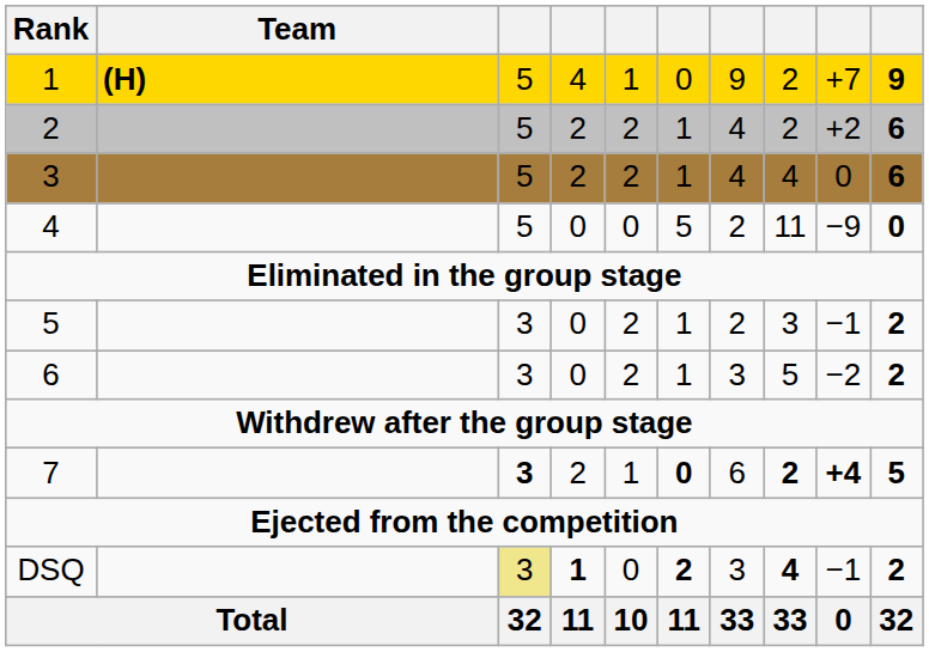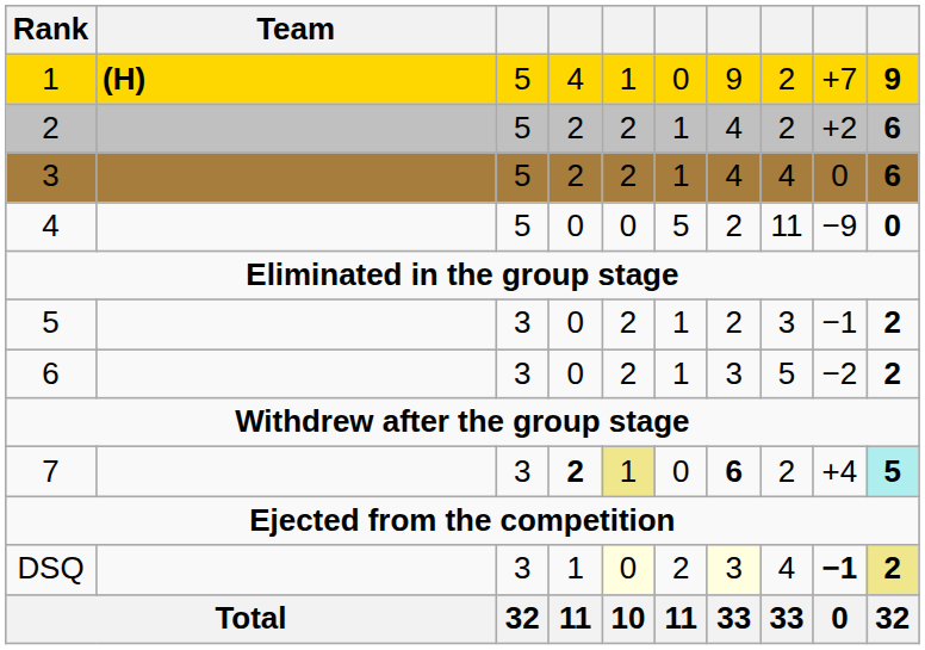 <table class="wikitable" style="text-align:center">
 <tr>
 <th width=20>Rank</th>
 <th width=200>Team</th>
 <th width="20"></th>
 <th width="20"></th>
 <th width="20"></th>
 <th width="20"></th>
 <th width="20"></th>
 <th width="20"></th>
 <th width="20"></th>
 <th width="20"></th>
 </tr>
 <tr style="background:gold;">
 <td>1</td>
 <td style="text-align:left;"> <strong>(H)</strong></td>
 <td>5</td>
 <td>4</td>
 <td>1</td>
 <td>0</td>
 <td>9</td>
 <td>2</td>
 <td>+7</td>
 <td><strong>9</strong></td>
 </tr>
 <tr style="background:silver;">
 <td>2</td>
 <td style="text-align:left;"></td>
 <td>5</td>
 <td>2</td>
 <td>2</td>
 <td>1</td>
 <td>4</td>
 <td>2</td>
 <td>+2</td>
 <td><strong>6</strong></td>
 </tr>
 <tr style="background:#a67d3d;">
 <td>3</td>
 <td style="text-align:left;"></td>
 <td>5</td>
 <td>2</td>
 <td>2</td>
 <td>1</td>
 <td>4</td>
 <td>4</td>
 <td>0</td>
 <td><strong>6</strong></td>
 </tr>
 <tr>
 <td>4</td>
 <td style="text-align:left;"></td>
 <td>5</td>
 <td>0</td>
 <td>0</td>
 <td>5</td>
 <td>2</td>
 <td>11</td>
 <td>−9</td>
 <td><strong>0</strong></td>
 </tr>
 <tr>
 <td colspan=14><strong>Eliminated in the group stage</strong></td>
 </tr>
 <tr>
 <td>5</td>
 <td style="text-align:left;"></td>
 <td>3</td>
 <td>0</td>
 <td>2</td>
 <td>1</td>
 <td>2</td>
 <td>3</td>
 <td>−1</td>
 <td><strong>2</strong></td>
 </tr>
 <tr>
 <td>6</td>
 <td style="text-align:left;"></td>
 <td>3</td>
 <td>0</td>
 <td>2</td>
 <td>1</td>
 <td>3</td>
 <td>5</td>
 <td>−2</td>
 <td><strong>2</strong></td>
 </tr>
 <tr>
 <td colspan=14><strong>Withdrew after the group stage</strong></td>
 </tr>
 <tr>
 <td>7</td>
 <td style="text-align:left;"></td>
-<td><strong>3</strong></td>
+<td>3</td>
+<td><strong>2</strong></td>
+<td style="background: khaki;">1</td>
+<td>0</td>
+<td><strong>6</strong></td>
 <td>2</td>
-<td>1</td>
-<td><strong>0</strong></td>
-<td>6</td>
-<td><strong>2</strong></td>
-<td><strong>+4</strong></td>
-<td><strong>5</strong></td>
+<td>+4</td>
+<td style="background: paleturquoise;"><strong>5</strong></td>
 </tr>
 <tr>
 <td colspan=14><strong>Ejected from the competition</strong></td>
 </tr>
 <tr>
 <td>DSQ</td>
 <td style="text-align:left;"></td>
-<td style="background: khaki;">3</td>
-<td><strong>1</strong></td>
-<td>0</td>
-<td><strong>2</strong></td>
 <td>3</td>
-<td><strong>4</strong></td>
-<td>−1</td>
-<td><strong>2</strong></td>
+<td>1</td>
+<td style="background: lightyellow;">0</td>
+<td>2</td>
+<td style="background: lightyellow;">3</td>
+<td>4</td>
+<td><strong>−1</strong></td>
+<td style="background: khaki;"><strong>2</strong></td>
 </tr>
 <tr>
 <th colspan=2>Total</th>
 <th>32</th>
 <th>11</th>
 <th>10</th>
 <th>11</th>
 <th>33</th>
 <th>33</th>
 <th>0</th>
 <th><strong>32</strong></th>
 </tr>
 </table>
